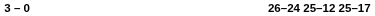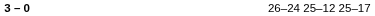 <table width=100% cellspacing=1>
 <tr>
 <th width=20%></th>
 <th width=12%></th>
 <th width=20%></th>
 <th width=33%></th>
 <td></td>
 </tr>
 <tr style=font-size:95%>
 <td align=right><strong></strong></td>
 <td align=center><strong>3 – 0</strong></td>
 <td></td>
-<td><strong>26–24 25–12 25–17</strong></td>
+<td>26–24 25–12 25–17</td>
 </tr>
 </table>
